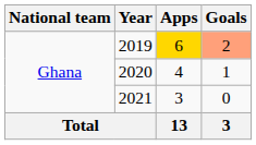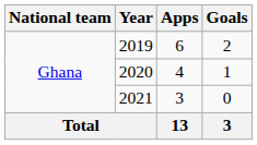 <table class="wikitable" style="text-align:center">
 <tr>
 <th>National team</th>
 <th>Year</th>
 <th>Apps</th>
 <th>Goals</th>
 </tr>
 <tr>
 <td rowspan="3"><a href='#'>Ghana</a></td>
 <td>2019</td>
-<td style="background: gold;">6</td>
-<td style="background: lightsalmon;">2</td>
+<td>6</td>
+<td>2</td>
 </tr>
 <tr>
 <td>2020</td>
 <td>4</td>
 <td>1</td>
 </tr>
 <tr>
 <td>2021</td>
 <td>3</td>
 <td>0</td>
 </tr>
 <tr>
 <th colspan="2">Total</th>
 <th>13</th>
 <th>3</th>
 </tr>
 </table>
